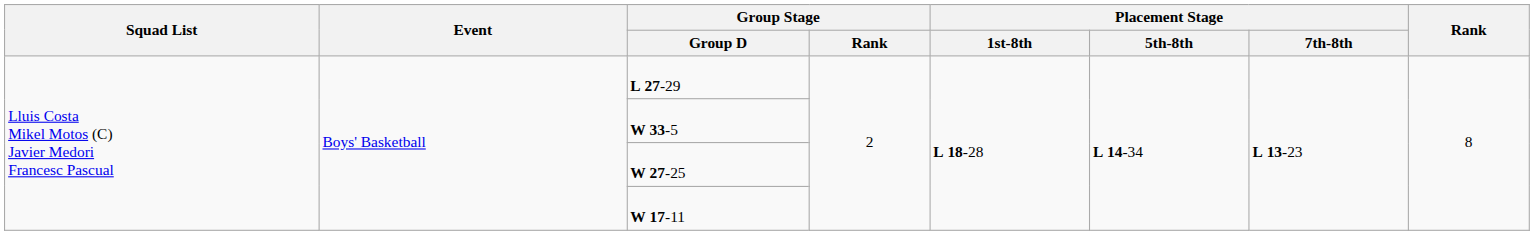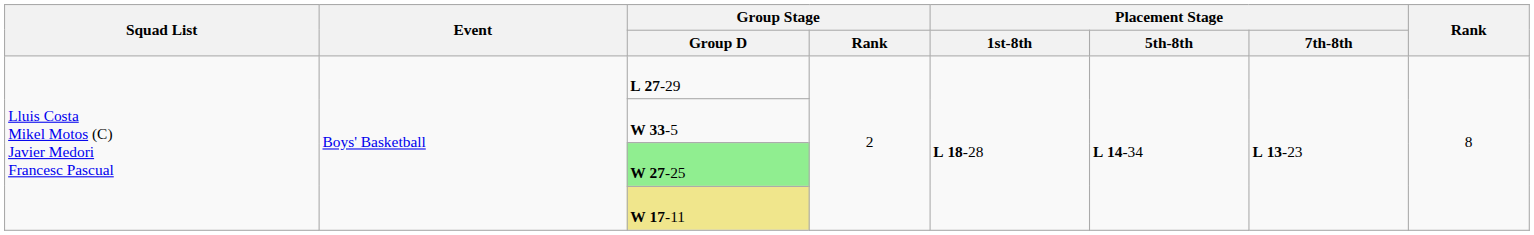 <table class="wikitable" width="90%" style="text-align:left; font-size:90%">
 <tr>
 <th rowspan="2">Squad List</th>
 <th rowspan="2">Event</th>
 <th colspan="2">Group Stage</th>
 <th colspan="3">Placement Stage</th>
 <th rowspan="2">Rank</th>
 </tr>
 <tr>
 <th>Group D</th>
 <th>Rank</th>
 <th>1st-8th</th>
 <th>5th-8th</th>
 <th>7th-8th</th>
 </tr>
 <tr>
 <td rowspan="4"><a href='#'>Lluis Costa</a><br><a href='#'>Mikel Motos</a> (C)<br><a href='#'>Javier Medori</a><br><a href='#'>Francesc Pascual</a></td>
 <td rowspan="4"><a href='#'>Boys' Basketball</a></td>
 <td><br> <strong>L</strong> <strong>27</strong>-29</td>
 <td rowspan="4" align=center>2</td>
 <td rowspan="4"> <br> <strong>L</strong> <strong>18</strong>-28</td>
 <td rowspan="4"> <br> <strong>L</strong> <strong>14</strong>-34</td>
 <td rowspan="4"> <br> <strong>L</strong> <strong>13</strong>-23</td>
 <td rowspan="4" align="center">8</td>
 </tr>
 <tr>
 <td><br> <strong>W</strong> <strong>33</strong>-5</td>
 </tr>
 <tr>
-<td><br> <strong>W</strong> <strong>27</strong>-25</td>
+<td style="background: lightgreen;"><br> <strong>W</strong> <strong>27</strong>-25</td>
 </tr>
 <tr>
-<td><br> <strong>W</strong> <strong>17</strong>-11</td>
+<td style="background: khaki;"><br> <strong>W</strong> <strong>17</strong>-11</td>
 </tr>
 </table>
